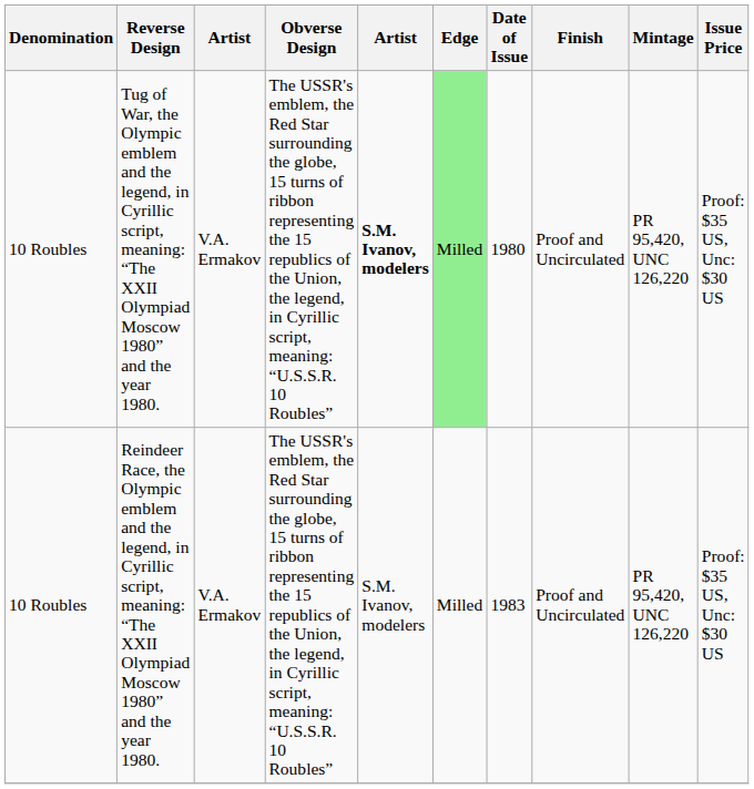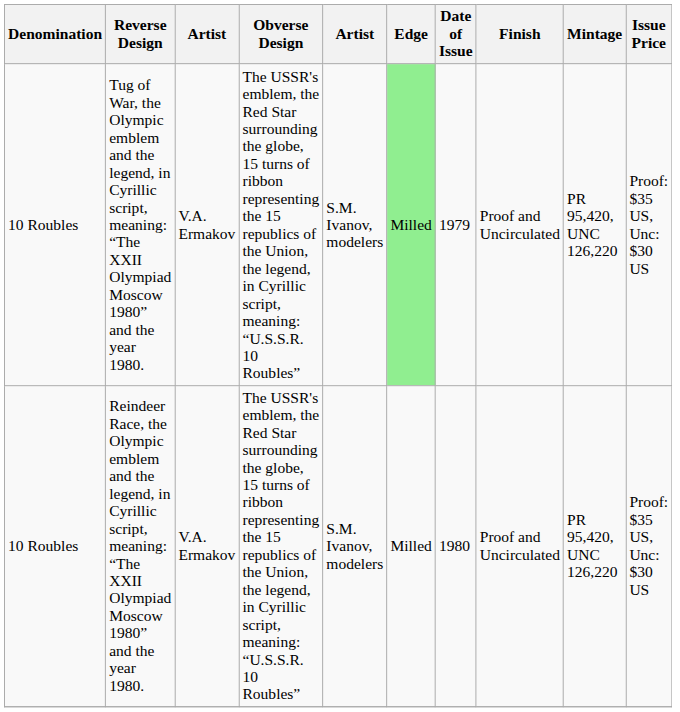 <table class="wikitable">
 <tr>
 <th>Denomination</th>
 <th>Reverse Design</th>
 <th>Artist</th>
 <th>Obverse Design</th>
 <th>Artist</th>
 <th>Edge</th>
 <th>Date of Issue</th>
 <th>Finish</th>
 <th>Mintage</th>
 <th>Issue Price</th>
 </tr>
 <tr>
 <td>10 Roubles</td>
 <td>Tug of War, the Olympic emblem and the legend, in Cyrillic script, meaning: “The XXII Olympiad Moscow 1980” and the year 1980.</td>
 <td>V.A. Ermakov</td>
 <td>The USSR's emblem, the Red Star surrounding the globe, 15 turns of ribbon representing the 15 republics of the Union, the legend, in Cyrillic script, meaning: “U.S.S.R. 10 Roubles”</td>
-<td><strong>S.M. Ivanov, modelers</strong></td>
+<td>S.M. Ivanov, modelers</td>
 <td style="background: lightgreen;">Milled</td>
-<td>1980</td>
+<td>1979</td>
 <td>Proof and Uncirculated</td>
 <td>PR 95,420, UNC 126,220</td>
 <td>Proof: $35 US, Unc: $30 US</td>
 </tr>
 <tr>
 <td>10 Roubles</td>
 <td>Reindeer Race, the Olympic emblem and the legend, in Cyrillic script, meaning: “The XXII Olympiad Moscow 1980” and the year 1980.</td>
 <td>V.A. Ermakov</td>
 <td>The USSR's emblem, the Red Star surrounding the globe, 15 turns of ribbon representing the 15 republics of the Union, the legend, in Cyrillic script, meaning: “U.S.S.R. 10 Roubles”</td>
 <td>S.M. Ivanov, modelers</td>
 <td>Milled</td>
-<td>1983</td>
+<td>1980</td>
 <td>Proof and Uncirculated</td>
 <td>PR 95,420, UNC 126,220</td>
 <td>Proof: $35 US, Unc: $30 US</td>
 </tr>
 <tr>
 </tr>
 </table>
